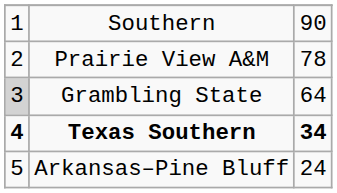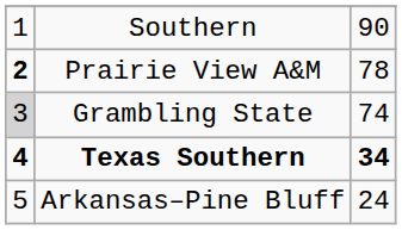 <table class="wikitable" style="display: inline-table;">
 <tr align="center">
 </tr>
 <tr align="center">
 <td>1</td>
 <td>Southern</td>
 <td>90</td>
 </tr>
 <tr align="center">
-<td>2</td>
+<td><strong>2</strong></td>
 <td>Prairie View A&M</td>
 <td>78</td>
 </tr>
 <tr align="center">
 <td style="background: lightgrey;">3</td>
 <td>Grambling State</td>
-<td>64</td>
+<td>74</td>
 </tr>
 <tr align="center">
 <td><strong>4</strong></td>
 <td><strong>Texas Southern</strong></td>
 <td><strong>34</strong></td>
 </tr>
 <tr align="center">
 <td>5</td>
 <td>Arkansas–Pine Bluff</td>
 <td>24</td>
 </tr>
 </table>
